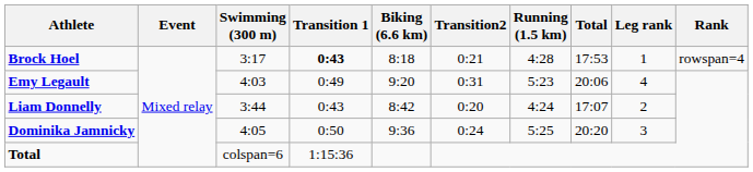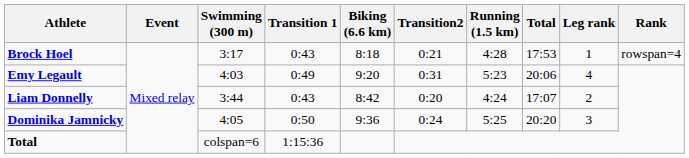 <table class=wikitable style=font-size:90%;text-align:center>
 <tr>
 <th>Athlete</th>
 <th>Event</th>
 <th>Swimming<br><span>(300 m)</span></th>
 <th>Transition 1</th>
 <th>Biking<br><span>(6.6 km)</span></th>
 <th>Transition2</th>
 <th>Running<br><span>(1.5 km)</span></th>
 <th>Total</th>
 <th>Leg rank</th>
 <th>Rank</th>
 </tr>
 <tr>
 <td align=left><strong><a href='#'>Brock Hoel</a></strong></td>
 <td align=left rowspan=5><a href='#'>Mixed relay</a></td>
 <td>3:17</td>
-<td><strong>0:43</strong></td>
+<td>0:43</td>
 <td>8:18</td>
 <td>0:21</td>
 <td>4:28</td>
 <td>17:53</td>
 <td>1</td>
 <td>rowspan=4 </td>
 </tr>
 <tr>
 <td align=left><strong><a href='#'>Emy Legault</a></strong></td>
 <td>4:03</td>
 <td>0:49</td>
 <td>9:20</td>
 <td>0:31</td>
 <td>5:23</td>
 <td>20:06</td>
 <td>4</td>
 </tr>
 <tr>
 <td align=left><strong><a href='#'>Liam Donnelly</a></strong></td>
 <td>3:44</td>
 <td>0:43</td>
 <td>8:42</td>
 <td>0:20</td>
 <td>4:24</td>
 <td>17:07</td>
 <td>2</td>
 </tr>
 <tr>
 <td align=left><strong><a href='#'>Dominika Jamnicky</a></strong></td>
 <td>4:05</td>
 <td>0:50</td>
 <td>9:36</td>
 <td>0:24</td>
 <td>5:25</td>
 <td>20:20</td>
 <td>3</td>
 </tr>
 <tr>
 <td align=left><strong>Total</strong></td>
 <td>colspan=6 </td>
 <td>1:15:36</td>
 <td></td>
 </tr>
 </table>
